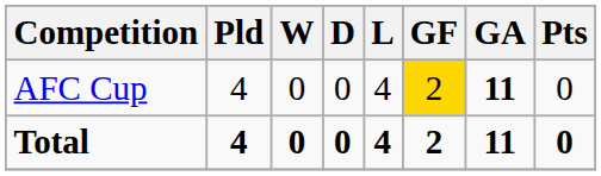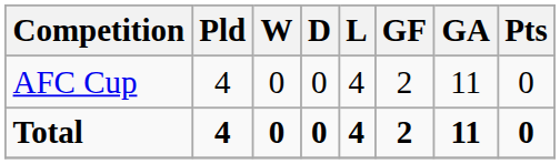 <table class="wikitable">
 <tr>
 <th>Competition</th>
 <th>Pld</th>
 <th>W</th>
 <th>D</th>
 <th>L</th>
 <th>GF</th>
 <th>GA</th>
 <th>Pts</th>
 </tr>
 <tr>
 <td><a href='#'>AFC Cup</a></td>
 <td style="text-align:center;">4</td>
 <td style="text-align:center;">0</td>
 <td style="text-align:center;">0</td>
 <td style="text-align:center;">4</td>
-<td style="background: gold; text-align:center;">2</td>
-<td style="text-align:center;"><strong>11</strong></td>
+<td style="text-align:center;">2</td>
+<td style="text-align:center;">11</td>
 <td style="text-align:center;">0</td>
 </tr>
 <tr>
 <td><strong>Total</strong></td>
 <td style="text-align:center;"><strong>4</strong></td>
 <td style="text-align:center;"><strong>0</strong></td>
 <td style="text-align:center;"><strong>0</strong></td>
 <td style="text-align:center;"><strong>4</strong></td>
 <td style="text-align:center;"><strong>2</strong></td>
 <td style="text-align:center;"><strong>11</strong></td>
 <td style="text-align:center;"><strong>0</strong></td>
 </tr>
 <tr>
 </tr>
 </table>
